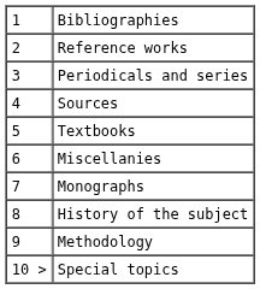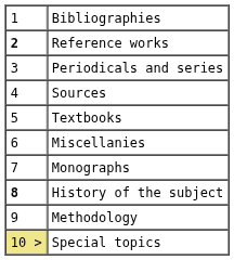 <table border="1" cellpadding="4" cellspacing="0" align="center">
 <tr>
 <td>1</td>
 <td>Bibliographies</td>
 </tr>
 <tr>
-<td>2</td>
+<td><strong>2</strong></td>
 <td>Reference works</td>
 </tr>
 <tr>
 <td>3</td>
 <td>Periodicals and series</td>
 </tr>
 <tr>
 <td>4</td>
 <td>Sources</td>
 </tr>
 <tr>
 <td>5</td>
 <td>Textbooks</td>
 </tr>
 <tr>
 <td>6</td>
 <td>Miscellanies</td>
 </tr>
 <tr>
 <td>7</td>
 <td>Monographs</td>
 </tr>
 <tr>
-<td>8</td>
+<td><strong>8</strong></td>
 <td>History of the subject</td>
 </tr>
 <tr>
 <td>9</td>
 <td>Methodology</td>
 </tr>
 <tr>
-<td>10 ></td>
+<td style="background: khaki;">10 ></td>
 <td>Special topics</td>
 </tr>
 </table>
